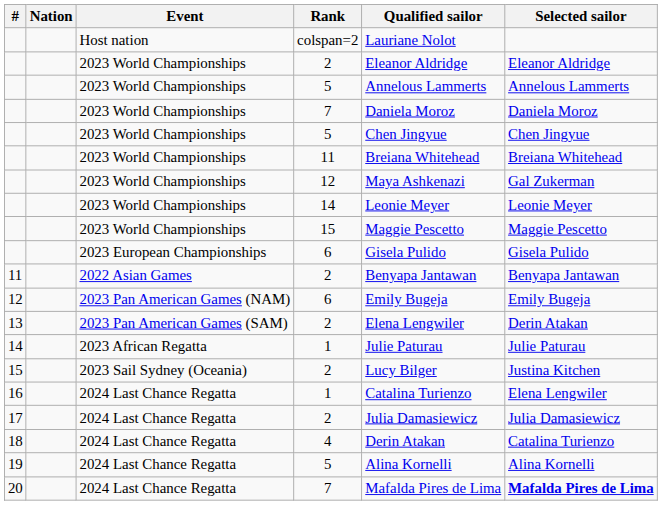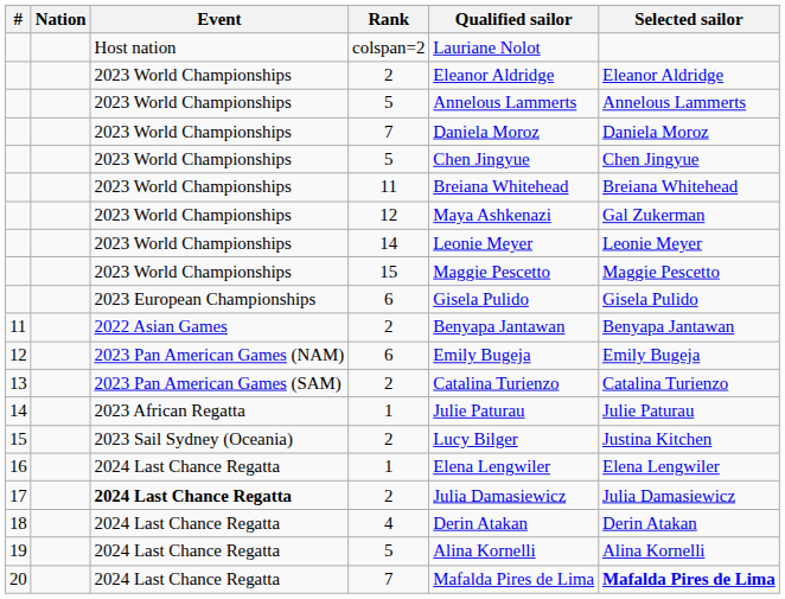 <table class="sortable wikitable">
 <tr>
 <th>#</th>
 <th>Nation</th>
 <th>Event</th>
 <th>Rank</th>
 <th>Qualified sailor</th>
 <th>Selected sailor</th>
 </tr>
 <tr>
 <td></td>
 <td></td>
 <td>Host nation</td>
 <td>colspan=2 </td>
 <td><a href='#'>Lauriane Nolot</a></td>
 </tr>
 <tr>
 <td></td>
 <td></td>
 <td>2023 World Championships</td>
 <td align=center>2</td>
 <td><a href='#'>Eleanor Aldridge</a></td>
 <td><a href='#'>Eleanor Aldridge</a></td>
 </tr>
 <tr>
 <td></td>
 <td></td>
 <td>2023 World Championships</td>
 <td align=center>5</td>
 <td><a href='#'>Annelous Lammerts</a></td>
 <td><a href='#'>Annelous Lammerts</a></td>
 </tr>
 <tr>
 <td></td>
 <td></td>
 <td>2023 World Championships</td>
 <td align=center>7</td>
 <td><a href='#'>Daniela Moroz</a></td>
 <td><a href='#'>Daniela Moroz</a></td>
 </tr>
 <tr>
 <td></td>
 <td></td>
 <td>2023 World Championships</td>
 <td align=center>5</td>
 <td><a href='#'>Chen Jingyue</a></td>
 <td><a href='#'>Chen Jingyue</a></td>
 </tr>
 <tr>
 <td></td>
 <td></td>
 <td>2023 World Championships</td>
 <td align=center>11</td>
 <td><a href='#'>Breiana Whitehead</a></td>
 <td><a href='#'>Breiana Whitehead</a></td>
 </tr>
 <tr>
 <td></td>
 <td></td>
 <td>2023 World Championships</td>
 <td align=center>12</td>
 <td><a href='#'>Maya Ashkenazi</a></td>
 <td><a href='#'>Gal Zukerman</a></td>
 </tr>
 <tr>
 <td></td>
 <td></td>
 <td>2023 World Championships</td>
 <td align=center>14</td>
 <td><a href='#'>Leonie Meyer</a></td>
 <td><a href='#'>Leonie Meyer</a></td>
 </tr>
 <tr>
 <td></td>
 <td></td>
 <td>2023 World Championships</td>
 <td align=center>15</td>
 <td><a href='#'>Maggie Pescetto</a></td>
 <td><a href='#'>Maggie Pescetto</a></td>
 </tr>
 <tr>
 <td></td>
 <td></td>
 <td>2023 European Championships</td>
 <td align=center>6</td>
 <td><a href='#'>Gisela Pulido</a></td>
 <td><a href='#'>Gisela Pulido</a></td>
 </tr>
 <tr>
 <td>11</td>
 <td></td>
 <td><a href='#'>2022 Asian Games</a></td>
 <td align=center>2</td>
 <td><a href='#'>Benyapa Jantawan</a></td>
 <td><a href='#'>Benyapa Jantawan</a></td>
 </tr>
 <tr>
 <td>12</td>
 <td></td>
 <td><a href='#'>2023 Pan American Games</a> (NAM)</td>
 <td align=center>6</td>
 <td><a href='#'>Emily Bugeja</a></td>
 <td><a href='#'>Emily Bugeja</a></td>
 </tr>
 <tr>
 <td>13</td>
 <td></td>
 <td><a href='#'>2023 Pan American Games</a> (SAM)</td>
 <td align=center>2</td>
-<td><a href='#'>Elena Lengwiler</a></td>
-<td><a href='#'>Derin Atakan</a></td>
+<td><a href='#'>Catalina Turienzo</a></td>
+<td><a href='#'>Catalina Turienzo</a></td>
 </tr>
 <tr>
 <td>14</td>
 <td></td>
 <td>2023 African Regatta</td>
 <td align=center>1</td>
 <td><a href='#'>Julie Paturau</a></td>
 <td><a href='#'>Julie Paturau</a></td>
 </tr>
 <tr>
 <td>15</td>
 <td></td>
 <td>2023 Sail Sydney (Oceania)</td>
 <td align=center>2</td>
 <td><a href='#'>Lucy Bilger</a></td>
 <td><a href='#'>Justina Kitchen</a></td>
 </tr>
 <tr>
 <td>16</td>
 <td></td>
 <td>2024 Last Chance Regatta</td>
 <td align=center>1</td>
-<td><a href='#'>Catalina Turienzo</a></td>
+<td><a href='#'>Elena Lengwiler</a></td>
 <td><a href='#'>Elena Lengwiler</a></td>
 </tr>
 <tr>
 <td>17</td>
 <td></td>
-<td>2024 Last Chance Regatta</td>
+<td><strong>2024 Last Chance Regatta</strong></td>
 <td align=center>2</td>
 <td><a href='#'>Julia Damasiewicz</a></td>
 <td><a href='#'>Julia Damasiewicz</a></td>
 </tr>
 <tr>
 <td>18</td>
 <td></td>
 <td>2024 Last Chance Regatta</td>
 <td align=center>4</td>
 <td><a href='#'>Derin Atakan</a></td>
-<td><a href='#'>Catalina Turienzo</a></td>
+<td><a href='#'>Derin Atakan</a></td>
 </tr>
 <tr>
 <td>19</td>
 <td></td>
 <td>2024 Last Chance Regatta</td>
 <td align=center>5</td>
 <td><a href='#'>Alina Kornelli</a></td>
 <td><a href='#'>Alina Kornelli</a></td>
 </tr>
 <tr>
 <td>20</td>
 <td></td>
 <td>2024 Last Chance Regatta</td>
 <td align=center>7</td>
 <td><a href='#'>Mafalda Pires de Lima</a></td>
 <td><strong><a href='#'>Mafalda Pires de Lima</a></strong></td>
 </tr>
 </table>
